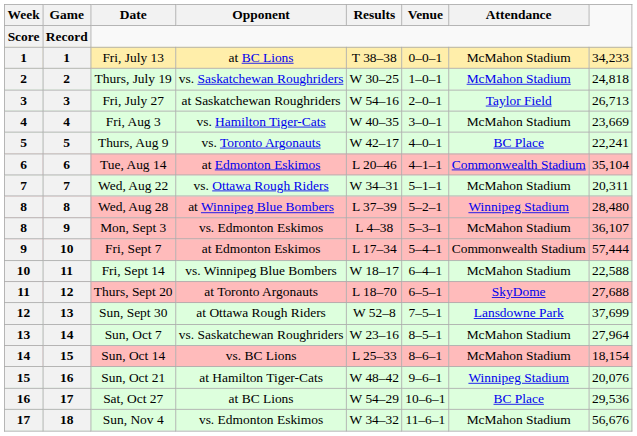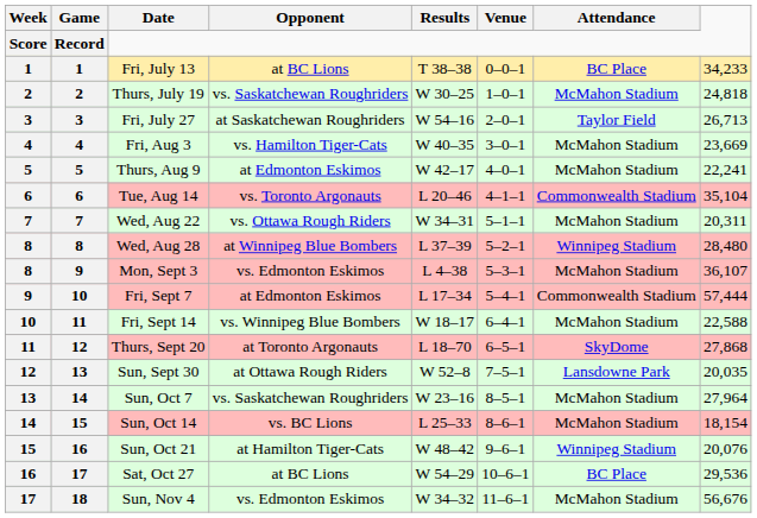 <table class="wikitable" style="text-align:center">
 <tr>
 <th>Week</th>
 <th>Game</th>
 <th>Date</th>
 <th>Opponent</th>
 <th>Results</th>
 <th>Venue</th>
 <th>Attendance</th>
 </tr>
 <tr>
 <th>Score</th>
 <th>Record</th>
 </tr>
 <tr style="background:#ffeeaa">
 <th>1</th>
 <th>1</th>
 <td>Fri, July 13</td>
 <td>at <a href='#'>BC Lions</a></td>
 <td>T 38–38</td>
 <td>0–0–1</td>
-<td>McMahon Stadium</td>
+<td><a href='#'>BC Place</a></td>
 <td>34,233</td>
 </tr>
 <tr style="background:#ddffdd">
 <th>2</th>
 <th>2</th>
 <td>Thurs, July 19</td>
 <td>vs. <a href='#'>Saskatchewan Roughriders</a></td>
 <td>W 30–25</td>
 <td>1–0–1</td>
 <td><a href='#'>McMahon Stadium</a></td>
 <td>24,818</td>
 </tr>
 <tr style="background:#ddffdd">
 <th>3</th>
 <th>3</th>
 <td>Fri, July 27</td>
 <td>at Saskatchewan Roughriders</td>
 <td>W 54–16</td>
 <td>2–0–1</td>
 <td><a href='#'>Taylor Field</a></td>
 <td>26,713</td>
 </tr>
 <tr style="background:#ddffdd">
 <th>4</th>
 <th>4</th>
 <td>Fri, Aug 3</td>
 <td>vs. <a href='#'>Hamilton Tiger-Cats</a></td>
 <td>W 40–35</td>
 <td>3–0–1</td>
 <td>McMahon Stadium</td>
 <td>23,669</td>
 </tr>
 <tr style="background:#ddffdd">
 <th>5</th>
 <th>5</th>
 <td>Thurs, Aug 9</td>
-<td>vs. <a href='#'>Toronto Argonauts</a></td>
+<td>at <a href='#'>Edmonton Eskimos</a></td>
 <td>W 42–17</td>
 <td>4–0–1</td>
-<td><a href='#'>BC Place</a></td>
+<td>McMahon Stadium</td>
 <td>22,241</td>
 </tr>
 <tr style="background:#ffbbbb">
 <th>6</th>
 <th>6</th>
 <td>Tue, Aug 14</td>
-<td>at <a href='#'>Edmonton Eskimos</a></td>
+<td>vs. <a href='#'>Toronto Argonauts</a></td>
 <td>L 20–46</td>
 <td>4–1–1</td>
 <td><a href='#'>Commonwealth Stadium</a></td>
 <td>35,104</td>
 </tr>
 <tr style="background:#ddffdd">
 <th>7</th>
 <th>7</th>
 <td>Wed, Aug 22</td>
 <td>vs. <a href='#'>Ottawa Rough Riders</a></td>
 <td>W 34–31</td>
 <td>5–1–1</td>
 <td>McMahon Stadium</td>
 <td>20,311</td>
 </tr>
 <tr style="background:#ffbbbb">
 <th>8</th>
 <th>8</th>
 <td>Wed, Aug 28</td>
 <td>at <a href='#'>Winnipeg Blue Bombers</a></td>
 <td>L 37–39 </td>
 <td>5–2–1</td>
 <td><a href='#'>Winnipeg Stadium</a></td>
 <td>28,480</td>
 </tr>
 <tr style="background:#ffbbbb">
 <th>8</th>
 <th>9</th>
 <td>Mon, Sept 3</td>
 <td>vs. Edmonton Eskimos</td>
 <td>L 4–38</td>
 <td>5–3–1</td>
 <td>McMahon Stadium</td>
 <td>36,107</td>
 </tr>
 <tr style="background:#ffbbbb">
 <th>9</th>
 <th>10</th>
 <td>Fri, Sept 7</td>
 <td>at Edmonton Eskimos</td>
 <td>L 17–34</td>
 <td>5–4–1</td>
 <td>Commonwealth Stadium</td>
 <td>57,444</td>
 </tr>
 <tr style="background:#ddffdd">
 <th>10</th>
 <th>11</th>
 <td>Fri, Sept 14</td>
 <td>vs. Winnipeg Blue Bombers</td>
 <td>W 18–17</td>
 <td>6–4–1</td>
 <td>McMahon Stadium</td>
 <td>22,588</td>
 </tr>
 <tr style="background:#ffbbbb">
 <th>11</th>
 <th>12</th>
 <td>Thurs, Sept 20</td>
 <td>at Toronto Argonauts</td>
 <td>L 18–70</td>
 <td>6–5–1</td>
 <td><a href='#'>SkyDome</a></td>
-<td>27,688</td>
+<td>27,868</td>
 </tr>
 <tr style="background:#ddffdd">
 <th>12</th>
 <th>13</th>
 <td>Sun, Sept 30</td>
 <td>at Ottawa Rough Riders</td>
 <td>W 52–8</td>
 <td>7–5–1</td>
 <td><a href='#'>Lansdowne Park</a></td>
-<td>37,699</td>
+<td>20,035</td>
 </tr>
 <tr style="background:#ddffdd">
 <th>13</th>
 <th>14</th>
 <td>Sun, Oct 7</td>
 <td>vs. Saskatchewan Roughriders</td>
 <td>W 23–16</td>
 <td>8–5–1</td>
 <td>McMahon Stadium</td>
 <td>27,964</td>
 </tr>
 <tr style="background:#ffbbbb">
 <th>14</th>
 <th>15</th>
 <td>Sun, Oct 14</td>
 <td>vs. BC Lions</td>
 <td>L 25–33</td>
 <td>8–6–1</td>
 <td>McMahon Stadium</td>
 <td>18,154</td>
 </tr>
 <tr style="background:#ddffdd">
 <th>15</th>
 <th>16</th>
 <td>Sun, Oct 21</td>
 <td>at Hamilton Tiger-Cats</td>
 <td>W 48–42</td>
 <td>9–6–1</td>
 <td><a href='#'>Winnipeg Stadium</a></td>
 <td>20,076</td>
 </tr>
 <tr style="background:#ddffdd">
 <th>16</th>
 <th>17</th>
 <td>Sat, Oct 27</td>
 <td>at BC Lions</td>
 <td>W 54–29</td>
 <td>10–6–1</td>
 <td><a href='#'>BC Place</a></td>
 <td>29,536</td>
 </tr>
 <tr style="background:#ddffdd">
 <th>17</th>
 <th>18</th>
 <td>Sun, Nov 4</td>
 <td>vs. Edmonton Eskimos</td>
 <td>W 34–32</td>
 <td>11–6–1</td>
 <td>McMahon Stadium</td>
 <td>56,676</td>
 </tr>
 </table>
